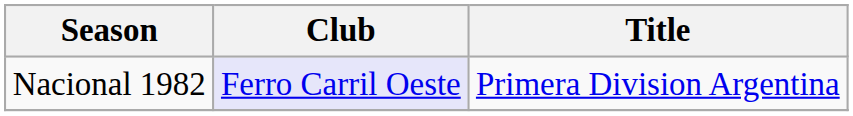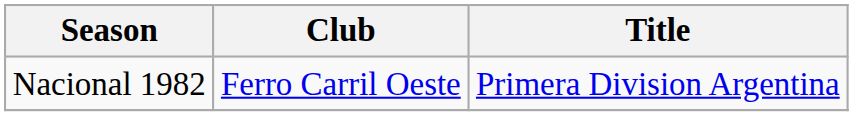 <table class="wikitable">
 <tr>
 <th>Season</th>
 <th>Club</th>
 <th>Title</th>
 </tr>
 <tr>
 <td>Nacional 1982</td>
-<td style="background: lavender;"><a href='#'>Ferro Carril Oeste</a></td>
+<td><a href='#'>Ferro Carril Oeste</a></td>
 <td><a href='#'>Primera Division Argentina</a></td>
 </tr>
 <tr>
 </tr>
 </table>
